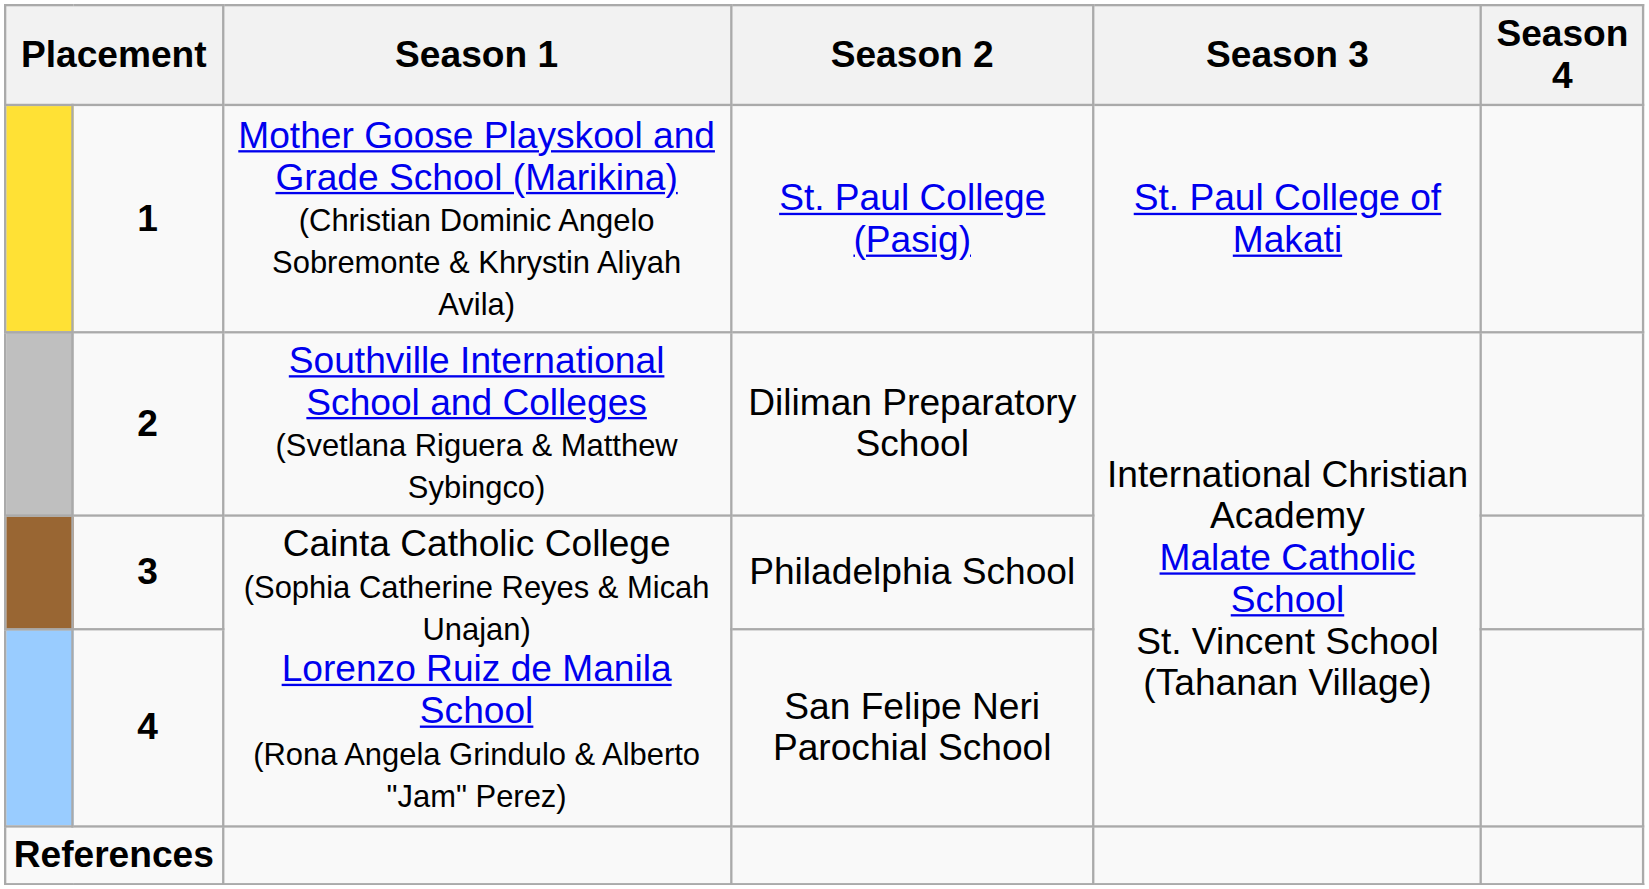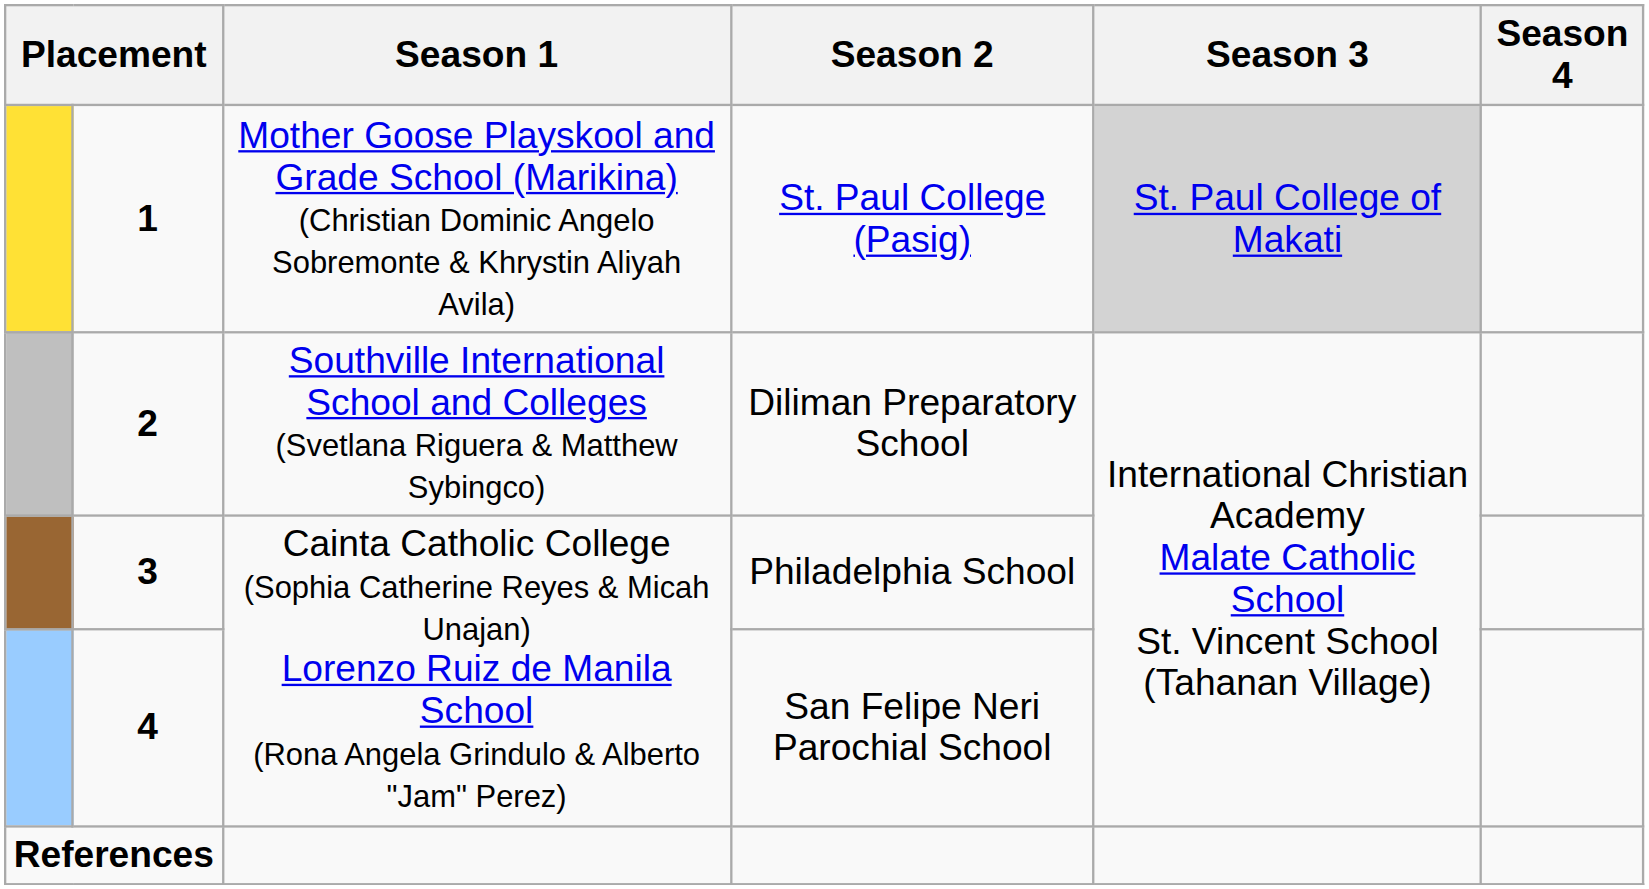 <table class="wikitable" width=80%arc>
 <tr>
 <th colspan="2">Placement</th>
 <th>Season 1</th>
 <th>Season 2</th>
 <th>Season 3</th>
 <th>Season 4</th>
 </tr>
 <tr>
 <td bgcolor=#FFE135 height="5px"></td>
 <td align="center"><strong>1</strong></td>
 <td align="center"><a href='#'>Mother Goose Playskool and Grade School (Marikina)</a> <br> <small>(Christian Dominic Angelo Sobremonte & Khrystin Aliyah Avila)</small></td>
 <td align="center"><a href='#'>St. Paul College (Pasig)</a></td>
-<td align="center"><a href='#'>St. Paul College of Makati</a></td>
+<td align="center" style="background: lightgrey;"><a href='#'>St. Paul College of Makati</a></td>
 <td align="center"></td>
 </tr>
 <tr>
 <td bgcolor=#BFBFBF height="5px"></td>
 <td align="center"><strong>2</strong></td>
 <td align="center"><a href='#'>Southville International School and Colleges</a> <br> <small>(Svetlana Riguera & Matthew Sybingco)</small></td>
 <td align="center">Diliman Preparatory School</td>
 <td align="center" rowspan="3">International Christian Academy <br> <a href='#'>Malate Catholic School</a> <br> St. Vincent School (Tahanan Village)</td>
 <td align="center"></td>
 </tr>
 <tr>
 <td bgcolor=#996633 height="5px"></td>
 <td align="center"><strong>3</strong></td>
 <td align="center" rowspan="2">Cainta Catholic College <br> <small>(Sophia Catherine Reyes & Micah Unajan)</small> <br> <a href='#'>Lorenzo Ruiz de Manila School</a> <br> <small>(Rona Angela Grindulo & Alberto "Jam" Perez)</small></td>
 <td align="center">Philadelphia School</td>
 <td align="center"></td>
 </tr>
 <tr>
 <td bgcolor=#99CCFF height="5px"></td>
 <td align="center"><strong>4</strong></td>
 <td align="center">San Felipe Neri Parochial School</td>
 <td align="center"></td>
 </tr>
 <tr>
 <td align="center" colspan="2"><strong>References</strong></td>
 <td align="center"></td>
 <td align="center"></td>
 <td align="center"></td>
 <td align="center"></td>
 </tr>
 <tr>
 </tr>
 </table>
